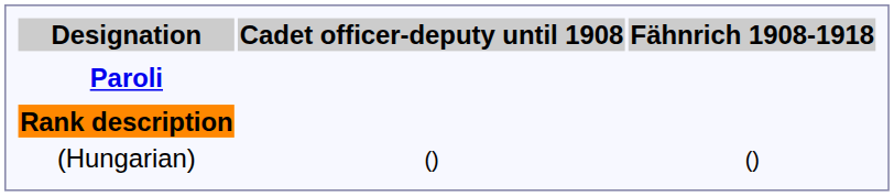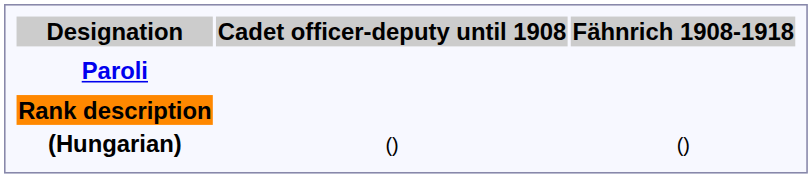 <table style="border:1px solid #8888aa; background-color:#f7f8ff; padding:5px; font-size:95%; margin: 0px 12px 12px 0px;">
 <tr bgcolor="#CCCCCC">
 <th>Designation</th>
 <th colspan=2>Cadet officer-deputy until 1908</th>
 <th colspan=2>Fähnrich 1908-1918</th>
 </tr>
 <tr align="center">
 <th></th>
 <th rowspan=3></th>
 <th rowspan=3></th>
 <th rowspan=3></th>
 <th rowspan=3></th>
 </tr>
 <tr align="center">
 <th rowspan=1><a href='#'>Paroli</a></th>
 </tr>
 <tr align="center">
 <th></th>
 </tr>
 <tr align="center">
 <th style="background:#ff8800; color:black;">Rank description</th>
 <td colspan=2></td>
 <td colspan=2></td>
 </tr>
 <tr align="center">
-<td>(Hungarian)</td>
+<td><strong>(Hungarian)</strong></td>
 <td colspan=2><small>()</small></td>
 <td colspan=2><small>()</small></td>
 </tr>
 <tr align="center">
 </tr>
 </table>
